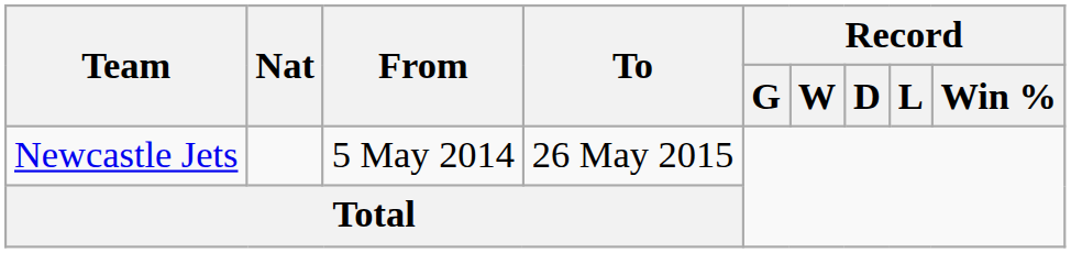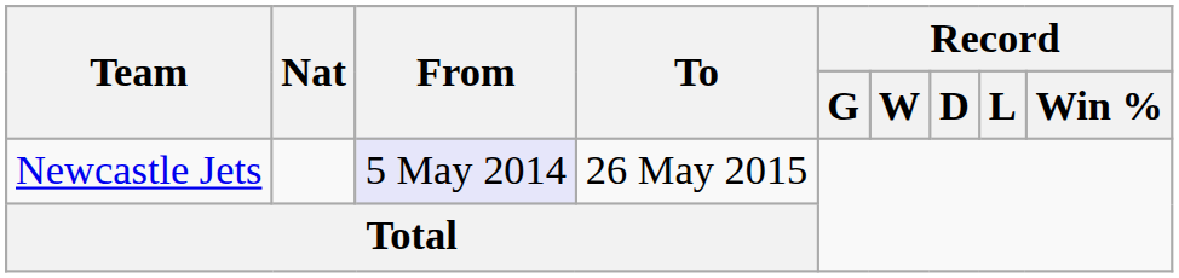 <table class="wikitable" style="text-align: center">
 <tr>
 <th rowspan=2>Team</th>
 <th rowspan=2>Nat</th>
 <th rowspan=2>From</th>
 <th rowspan=2>To</th>
 <th colspan=5>Record</th>
 </tr>
 <tr>
 <th>G</th>
 <th>W</th>
 <th>D</th>
 <th>L</th>
 <th>Win %</th>
 </tr>
 <tr>
 <td align=left><a href='#'>Newcastle Jets</a></td>
 <td></td>
-<td align=left>5 May 2014</td>
+<td align=left style="background: lavender;">5 May 2014</td>
 <td align=left>26 May 2015<br></td>
 </tr>
 <tr>
 <th colspan=4>Total<br></th>
 </tr>
 </table>
